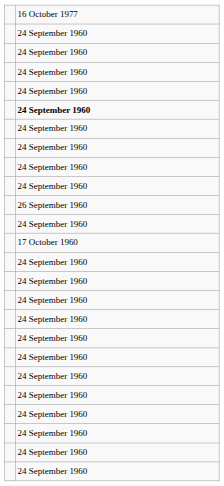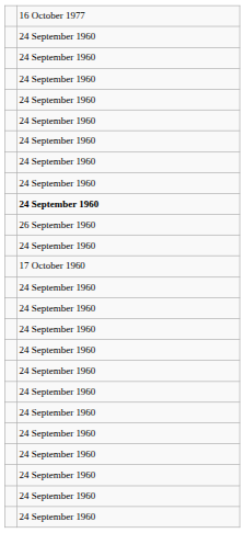 <table class="wikitable" style="font-size: 89%; float: left; width: 24em; margin-right: 1em; line-height: 1.65em">
 <tr>
 <td></td>
 <td>16 October 1977</td>
 </tr>
 <tr>
 <td></td>
 <td>24 September 1960</td>
 </tr>
 <tr>
 <td></td>
 <td>24 September 1960</td>
 </tr>
 <tr>
 <td></td>
 <td>24 September 1960</td>
 </tr>
 <tr>
 <td></td>
 <td>24 September 1960</td>
 </tr>
 <tr>
 <td></td>
-<td><strong>24 September 1960</strong></td>
+<td>24 September 1960</td>
 </tr>
 <tr>
 <td></td>
 <td>24 September 1960</td>
 </tr>
 <tr>
 <td></td>
 <td>24 September 1960</td>
 </tr>
 <tr>
 <td></td>
 <td>24 September 1960</td>
 </tr>
 <tr>
 <td></td>
-<td>24 September 1960</td>
+<td><strong>24 September 1960</strong></td>
 </tr>
 <tr>
 <td></td>
 <td>26 September 1960</td>
 </tr>
 <tr>
 <td></td>
 <td>24 September 1960</td>
 </tr>
 <tr>
 <td></td>
 <td>17 October 1960</td>
 </tr>
 <tr>
 <td></td>
 <td>24 September 1960</td>
 </tr>
 <tr>
 <td></td>
 <td>24 September 1960</td>
 </tr>
 <tr>
 <td></td>
 <td>24 September 1960</td>
 </tr>
 <tr>
 <td></td>
 <td>24 September 1960</td>
 </tr>
 <tr>
 <td></td>
 <td>24 September 1960</td>
 </tr>
 <tr>
 <td></td>
 <td>24 September 1960</td>
 </tr>
 <tr>
 <td></td>
 <td>24 September 1960</td>
 </tr>
 <tr>
 <td></td>
 <td>24 September 1960</td>
 </tr>
 <tr>
 <td></td>
 <td>24 September 1960</td>
 </tr>
 <tr>
 <td></td>
 <td>24 September 1960</td>
 </tr>
 <tr>
 <td></td>
 <td>24 September 1960</td>
 </tr>
 <tr>
 <td></td>
 <td>24 September 1960</td>
 </tr>
 </table>
